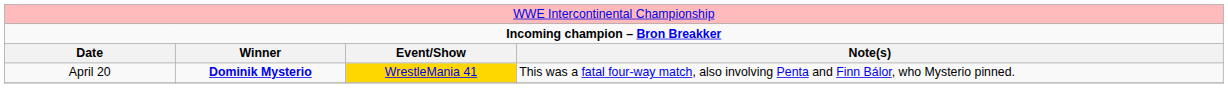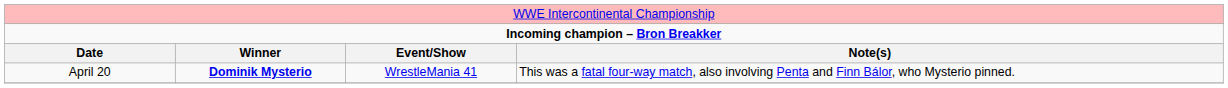 <table class="wikitable" style="text-align:center; width:100%;">
 <tr style="background:#FBB;">
 <td colspan="4" style="text-align: center;"><a href='#'>WWE Intercontinental Championship</a></td>
 </tr>
 <tr>
 <td colspan="4" style="text-align: center;"><strong>Incoming champion – <a href='#'>Bron Breakker</a></strong></td>
 </tr>
 <tr>
 <th width="14%">Date</th>
 <th width="14%">Winner</th>
 <th width="14%">Event/Show</th>
 <th width="58%">Note(s)</th>
 </tr>
 <tr>
 <td>April 20</td>
 <td><strong><a href='#'>Dominik Mysterio</a></strong></td>
-<td style="background: gold;"><a href='#'>WrestleMania 41</a><br></td>
+<td><a href='#'>WrestleMania 41</a><br></td>
 <td align="left">This was a <a href='#'>fatal four-way match</a>, also involving <a href='#'>Penta</a> and <a href='#'>Finn Bálor</a>, who Mysterio pinned.</td>
 </tr>
 <tr>
 </tr>
 </table>
